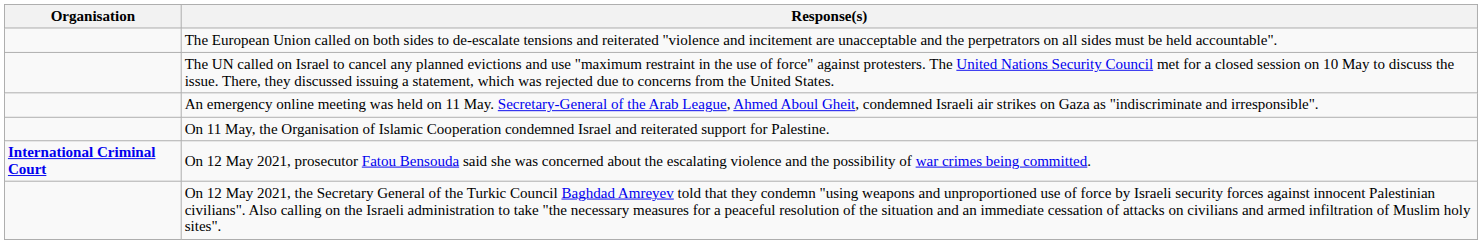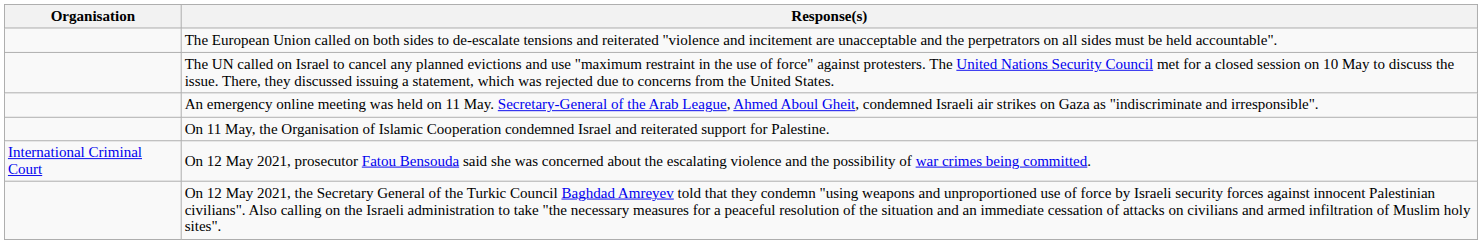 <table class="wikitable">
 <tr>
 <th style="width: 12%;">Organisation</th>
 <th>Response(s)</th>
 </tr>
 <tr>
 <td></td>
 <td>The European Union called on both sides to de-escalate tensions and reiterated "violence and incitement are unacceptable and the perpetrators on all sides must be held accountable".</td>
 </tr>
 <tr>
 <td></td>
 <td>The UN called on Israel to cancel any planned evictions and use "maximum restraint in the use of force" against protesters. The <a href='#'>United Nations Security Council</a> met for a closed session on 10 May to discuss the issue. There, they discussed issuing a statement, which was rejected due to concerns from the United States.</td>
 </tr>
 <tr>
 <td></td>
 <td>An emergency online meeting was held on 11 May. <a href='#'>Secretary-General of the Arab League</a>, <a href='#'>Ahmed Aboul Gheit</a>, condemned Israeli air strikes on Gaza as "indiscriminate and irresponsible".</td>
 </tr>
 <tr>
 <td></td>
 <td>On 11 May, the Organisation of Islamic Cooperation condemned Israel and reiterated support for Palestine.</td>
 </tr>
 <tr>
-<td><strong><a href='#'>International Criminal Court</a></strong></td>
+<td><a href='#'>International Criminal Court</a></td>
 <td>On 12 May 2021, prosecutor <a href='#'>Fatou Bensouda</a> said she was concerned about the escalating violence and the possibility of <a href='#'>war crimes being committed</a>.</td>
 </tr>
 <tr>
 <td></td>
 <td>On 12 May 2021, the Secretary General of the Turkic Council <a href='#'>Baghdad Amreyev</a> told that they condemn "using weapons and unproportioned use of force by Israeli security forces against innocent Palestinian civilians". Also calling on the Israeli administration to take "the necessary measures for a peaceful resolution of the situation and an immediate cessation of attacks on civilians and armed infiltration of Muslim holy sites".</td>
 </tr>
 </table>
